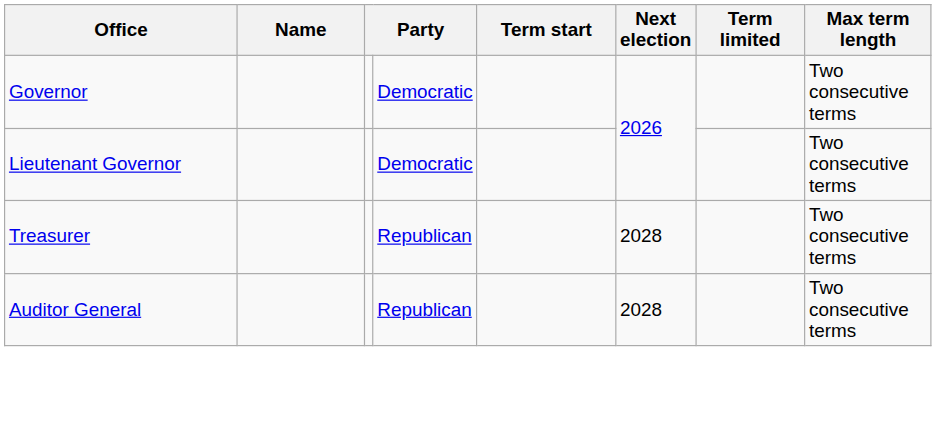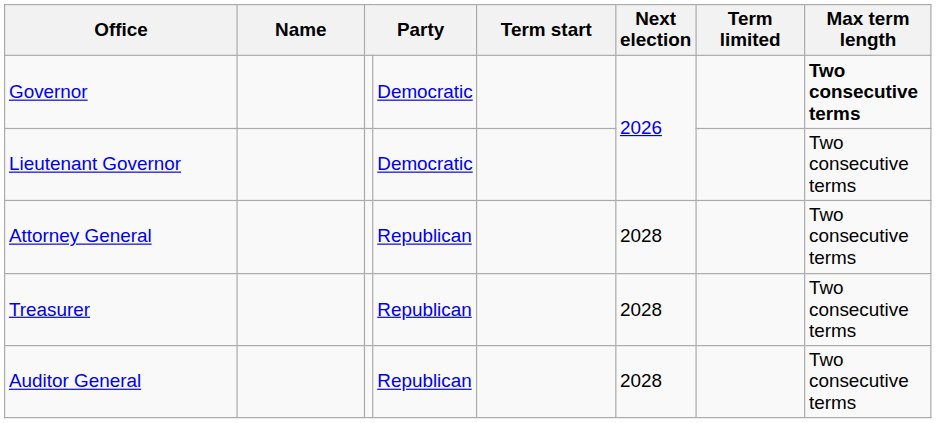 <table class="sortable wikitable">
 <tr>
 <th scope="col" width=190>Office</th>
 <th scope="col" width=100>Name</th>
 <th scope="col" width=75 colspan=2>Party</th>
 <th scope="col" width=110>Term start</th>
 <th scope="col" width=50>Next election</th>
 <th scope="col" width=85>Term limited</th>
 <th scope="col" width=100>Max term length</th>
 </tr>
 <tr>
 <td><a href='#'>Governor</a></td>
 <td></td>
 <td style="background-color:"></td>
 <td><a href='#'>Democratic</a></td>
 <td></td>
 <td rowspan=2><a href='#'>2026</a></td>
 <td></td>
-<td>Two consecutive terms</td>
+<td><strong>Two consecutive terms</strong></td>
 </tr>
 <tr>
 <td><a href='#'>Lieutenant Governor</a></td>
 <td></td>
 <td style="background-color:"></td>
 <td><a href='#'>Democratic</a></td>
 <td></td>
+<td></td>
+<td>Two consecutive terms</td>
+</tr>
+<tr>
+<td><a href='#'>Attorney General</a></td>
+<td></td>
+<td style="background-color:"></td>
+<td><a href='#'>Republican</a></td>
+<td></td>
+<td>2028</td>
 <td></td>
 <td>Two consecutive terms</td>
 </tr>
 <tr>
 <td><a href='#'>Treasurer</a></td>
 <td></td>
 <td style="background-color:"></td>
 <td><a href='#'>Republican</a></td>
 <td></td>
 <td>2028</td>
 <td></td>
 <td>Two consecutive terms</td>
 </tr>
 <tr>
 <td><a href='#'>Auditor General</a></td>
 <td></td>
 <td style="background-color:"></td>
 <td><a href='#'>Republican</a></td>
 <td></td>
 <td>2028</td>
 <td></td>
 <td>Two consecutive terms</td>
 </tr>
 </table>
